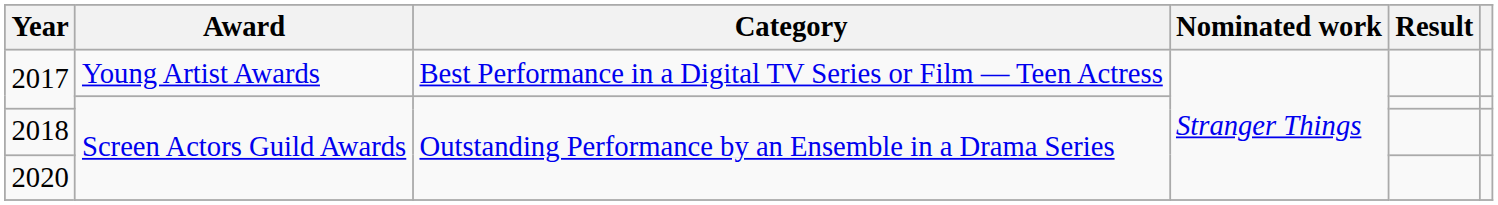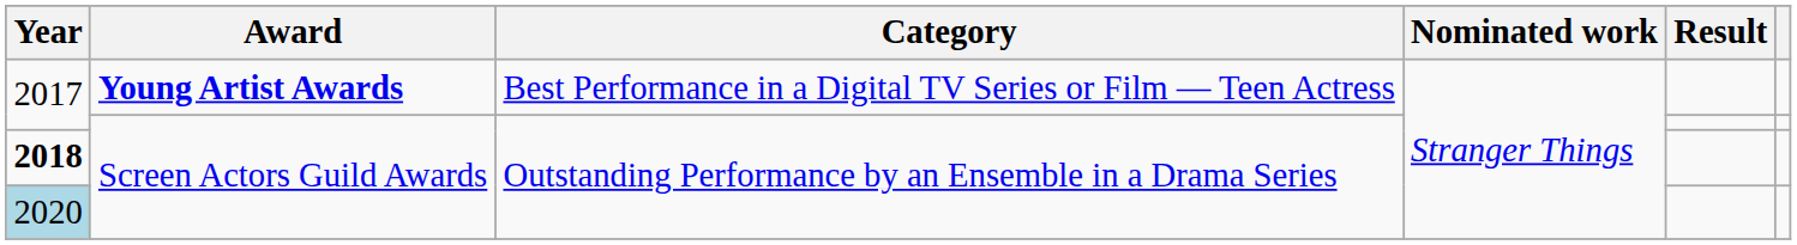 <table class="wikitable sortable">
 <tr>
 <th>Year</th>
 <th>Award</th>
 <th>Category</th>
 <th>Nominated work</th>
 <th>Result</th>
 <th class="unsortable"></th>
 </tr>
 <tr>
 <td rowspan="2">2017</td>
-<td><a href='#'>Young Artist Awards</a></td>
+<td><strong><a href='#'>Young Artist Awards</a></strong></td>
 <td><a href='#'>Best Performance in a Digital TV Series or Film — Teen Actress</a></td>
 <td rowspan="4"><em><a href='#'>Stranger Things</a></em></td>
 <td></td>
 <td style="text-align:center;"></td>
 </tr>
 <tr>
 <td rowspan="3"><a href='#'>Screen Actors Guild Awards</a></td>
 <td rowspan="3"><a href='#'>Outstanding Performance by an Ensemble in a Drama Series</a></td>
 <td></td>
 <td style="text-align:center;"></td>
 </tr>
 <tr>
-<td>2018</td>
+<td><strong>2018</strong></td>
 <td></td>
 <td style="text-align:center;"></td>
 </tr>
 <tr>
-<td>2020</td>
+<td style="background: lightblue;">2020</td>
 <td></td>
 <td style="text-align:center;"></td>
 </tr>
 </table>
